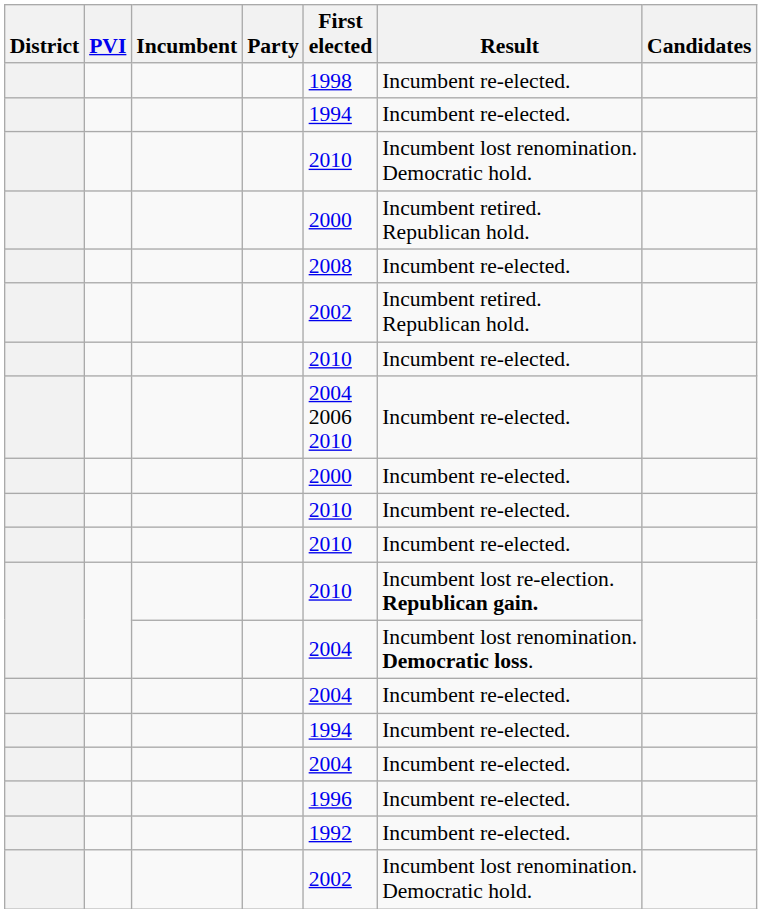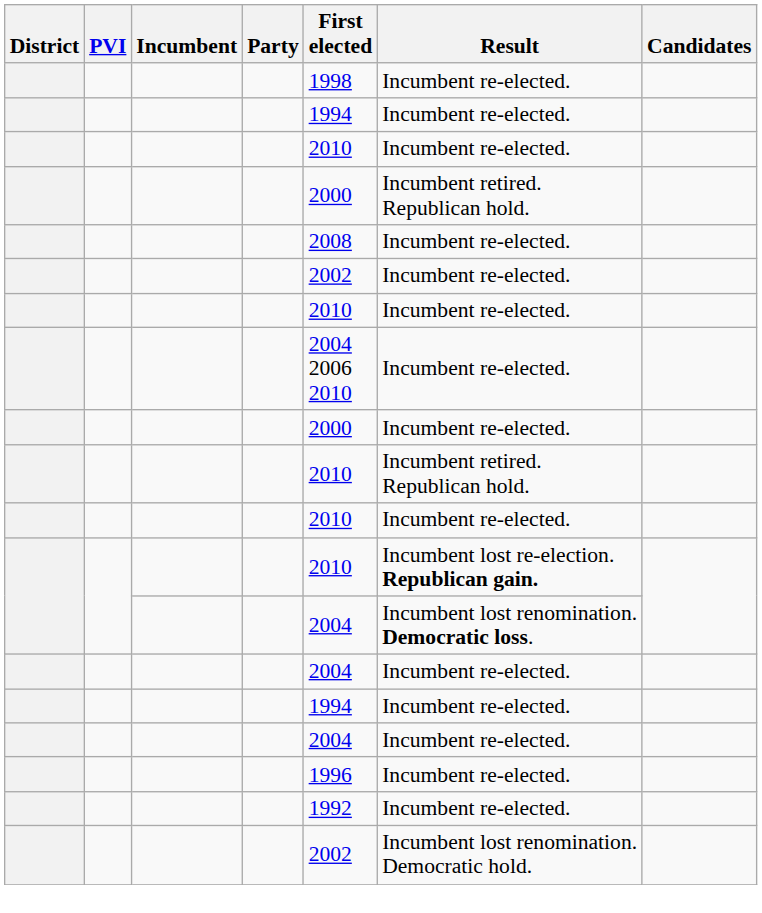 <table class="wikitable sortable">
 <tr valign=bottom>
 <th>District</th>
 <th><a href='#'>PVI</a></th>
 <th>Incumbent</th>
 <th>Party</th>
 <th>First<br>elected</th>
 <th>Result</th>
 <th>Candidates</th>
 </tr>
 <tr>
 <th></th>
 <td></td>
 <td></td>
 <td></td>
 <td><a href='#'>1998</a></td>
 <td>Incumbent re-elected.</td>
 <td nowrap></td>
 </tr>
 <tr>
 <th></th>
 <td></td>
 <td></td>
 <td></td>
 <td><a href='#'>1994</a></td>
 <td>Incumbent re-elected.</td>
 <td nowrap></td>
 </tr>
 <tr>
 <th></th>
 <td></td>
 <td></td>
 <td></td>
 <td><a href='#'>2010</a></td>
-<td>Incumbent lost renomination.<br>Democratic hold.</td>
+<td>Incumbent re-elected.</td>
 <td nowrap></td>
 </tr>
 <tr>
 <th></th>
 <td></td>
 <td><br></td>
 <td></td>
 <td><a href='#'>2000</a></td>
 <td>Incumbent retired.<br>Republican hold.</td>
 <td nowrap></td>
 </tr>
 <tr>
 <th></th>
 <td></td>
 <td></td>
 <td></td>
 <td><a href='#'>2008</a></td>
 <td>Incumbent re-elected.</td>
 <td nowrap></td>
 </tr>
 <tr>
 <th></th>
 <td></td>
 <td></td>
 <td></td>
 <td><a href='#'>2002</a></td>
-<td>Incumbent retired.<br>Republican hold.</td>
+<td>Incumbent re-elected.</td>
 <td nowrap></td>
 </tr>
 <tr>
 <th></th>
 <td></td>
 <td></td>
 <td></td>
 <td><a href='#'>2010</a></td>
 <td>Incumbent re-elected.</td>
 <td nowrap></td>
 </tr>
 <tr>
 <th></th>
 <td></td>
 <td></td>
 <td></td>
 <td><a href='#'>2004</a><br>2006 <br><a href='#'>2010</a></td>
 <td>Incumbent re-elected.</td>
 <td nowrap></td>
 </tr>
 <tr>
 <th></th>
 <td></td>
 <td></td>
 <td></td>
 <td><a href='#'>2000</a></td>
 <td>Incumbent re-elected.</td>
 <td nowrap></td>
 </tr>
 <tr>
 <th></th>
 <td></td>
 <td></td>
 <td></td>
 <td><a href='#'>2010</a></td>
-<td>Incumbent re-elected.</td>
+<td>Incumbent retired.<br>Republican hold.</td>
 <td nowrap></td>
 </tr>
 <tr>
 <th></th>
 <td></td>
 <td></td>
 <td></td>
 <td><a href='#'>2010</a></td>
 <td>Incumbent re-elected.</td>
 <td nowrap></td>
 </tr>
 <tr>
 <th rowspan=2></th>
 <td rowspan=2 ></td>
 <td></td>
 <td></td>
 <td><a href='#'>2010 </a></td>
 <td>Incumbent lost re-election.<br><strong>Republican gain.</strong></td>
 <td rowspan=2 nowrap></td>
 </tr>
 <tr>
 <td><br></td>
 <td></td>
 <td><a href='#'>2004</a></td>
 <td>Incumbent lost renomination.<br><strong>Democratic loss</strong>.</td>
 </tr>
 <tr>
 <th></th>
 <td></td>
 <td></td>
 <td></td>
 <td><a href='#'>2004</a></td>
 <td>Incumbent re-elected.</td>
 <td nowrap></td>
 </tr>
 <tr>
 <th></th>
 <td></td>
 <td></td>
 <td></td>
 <td><a href='#'>1994</a></td>
 <td>Incumbent re-elected.</td>
 <td nowrap></td>
 </tr>
 <tr>
 <th></th>
 <td></td>
 <td></td>
 <td></td>
 <td><a href='#'>2004</a></td>
 <td>Incumbent re-elected.</td>
 <td nowrap></td>
 </tr>
 <tr>
 <th></th>
 <td></td>
 <td></td>
 <td></td>
 <td><a href='#'>1996</a></td>
 <td>Incumbent re-elected.</td>
 <td nowrap></td>
 </tr>
 <tr>
 <th></th>
 <td></td>
 <td></td>
 <td></td>
 <td><a href='#'>1992</a></td>
 <td>Incumbent re-elected.</td>
 <td nowrap></td>
 </tr>
 <tr>
 <th></th>
 <td></td>
 <td></td>
 <td></td>
 <td><a href='#'>2002</a></td>
 <td>Incumbent lost renomination.<br>Democratic hold.</td>
 <td nowrap></td>
 </tr>
 </table>
